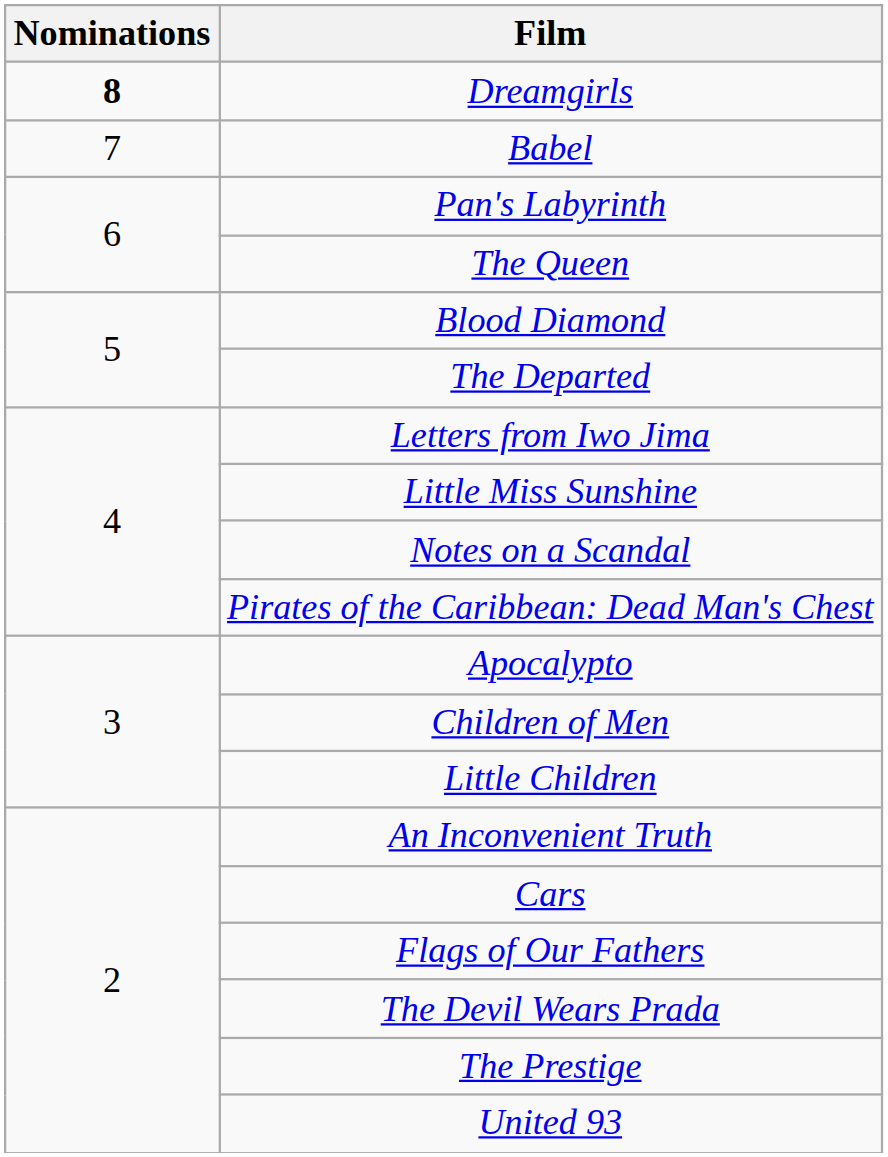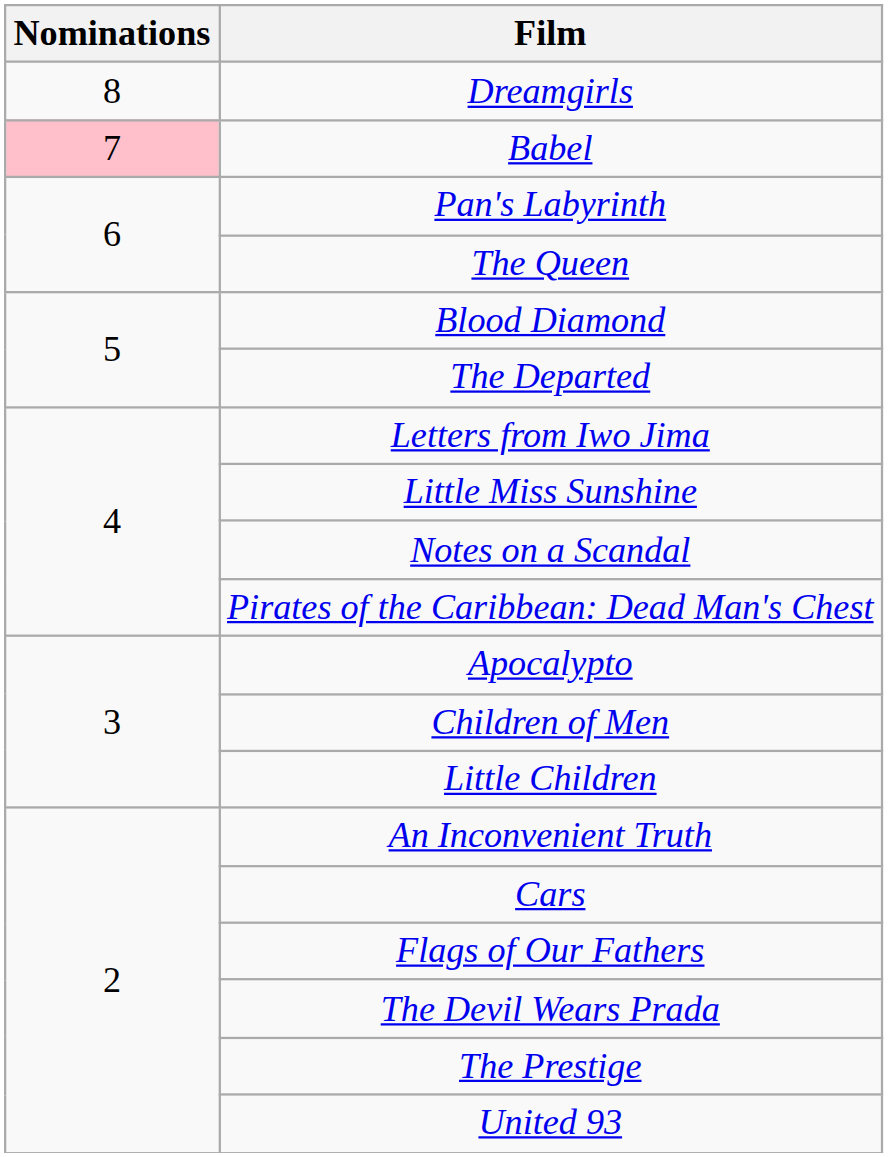 <table class="wikitable sortable" style="text-align: center;">
 <tr>
 <th scope="col" width="55">Nominations</th>
 <th scope="col" align="center">Film</th>
 </tr>
 <tr>
-<td style="text-align: center;"><strong>8</strong></td>
+<td style="text-align: center;">8</td>
 <td><em><a href='#'>Dreamgirls</a></em></td>
 </tr>
 <tr>
-<td style="text-align: center;">7</td>
+<td style="background: pink; text-align: center;">7</td>
 <td><em><a href='#'>Babel</a></em></td>
 </tr>
 <tr>
 <td rowspan=2 style="text-align:center">6</td>
 <td><em><a href='#'>Pan's Labyrinth</a></em></td>
 </tr>
 <tr>
 <td><em><a href='#'>The Queen</a></em></td>
 </tr>
 <tr>
 <td rowspan=2 style="text-align:center">5</td>
 <td><em><a href='#'>Blood Diamond</a></em></td>
 </tr>
 <tr>
 <td><em><a href='#'>The Departed</a></em></td>
 </tr>
 <tr>
 <td rowspan=4 style="text-align:center">4</td>
 <td><em><a href='#'>Letters from Iwo Jima</a></em></td>
 </tr>
 <tr>
 <td><em><a href='#'>Little Miss Sunshine</a></em></td>
 </tr>
 <tr>
 <td><em><a href='#'>Notes on a Scandal</a></em></td>
 </tr>
 <tr>
 <td><em><a href='#'>Pirates of the Caribbean: Dead Man's Chest</a></em></td>
 </tr>
 <tr>
 <td rowspan=3 style="text-align:center">3</td>
 <td><em><a href='#'>Apocalypto</a></em></td>
 </tr>
 <tr>
 <td><em><a href='#'>Children of Men</a></em></td>
 </tr>
 <tr>
 <td><em><a href='#'>Little Children</a></em></td>
 </tr>
 <tr>
 <td rowspan=6 style="text-align:center">2</td>
 <td><em><a href='#'>An Inconvenient Truth</a></em></td>
 </tr>
 <tr>
 <td><em><a href='#'>Cars</a></em></td>
 </tr>
 <tr>
 <td><em><a href='#'>Flags of Our Fathers</a></em></td>
 </tr>
 <tr>
 <td><em><a href='#'>The Devil Wears Prada</a></em></td>
 </tr>
 <tr>
 <td><em><a href='#'>The Prestige</a></em></td>
 </tr>
 <tr>
 <td><em><a href='#'>United 93</a></em></td>
 </tr>
 </table>
